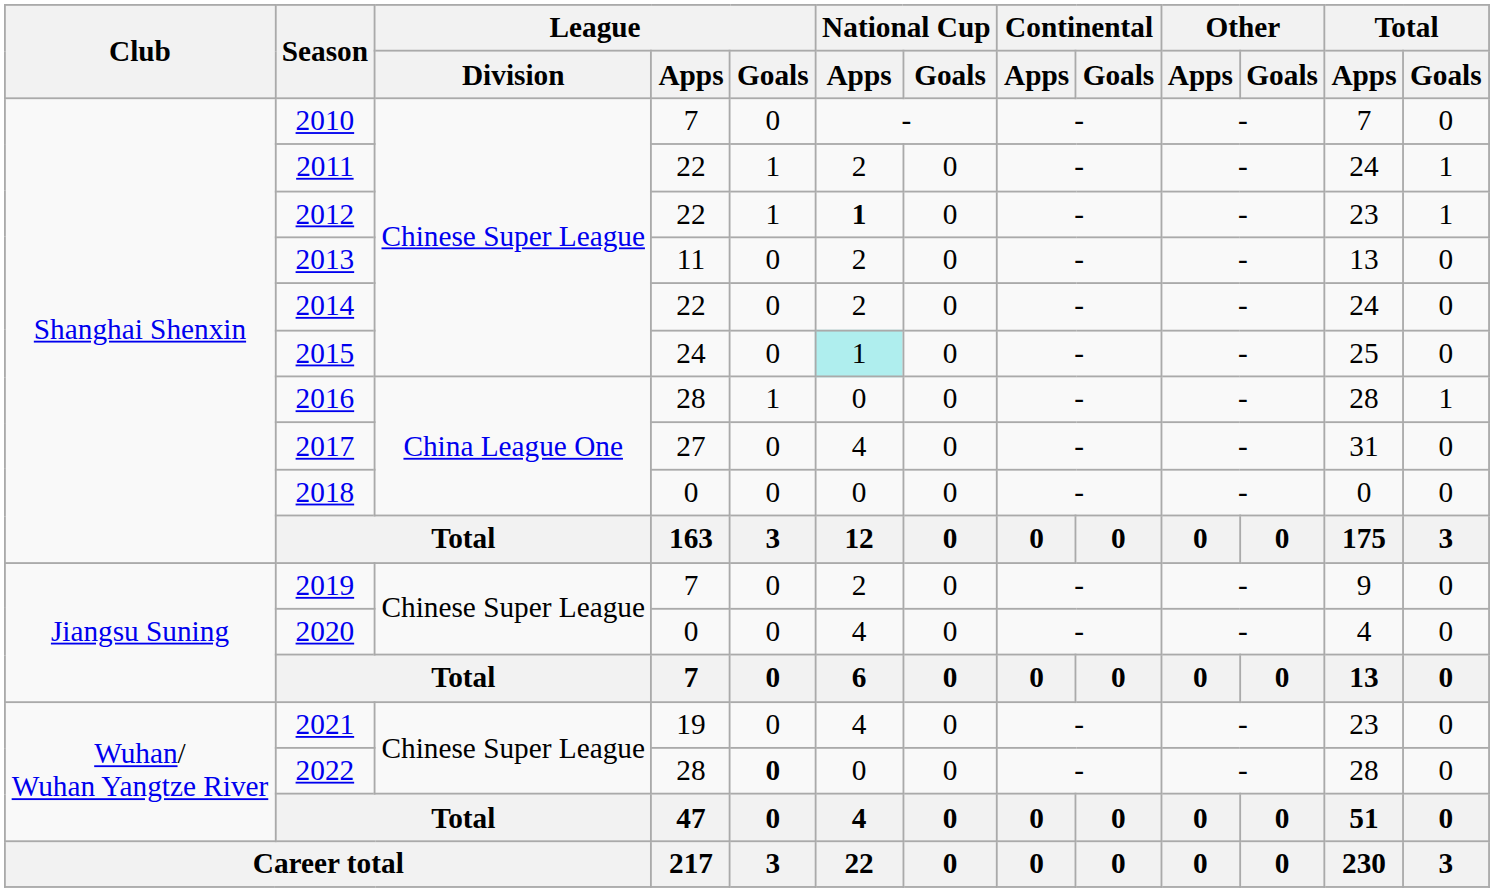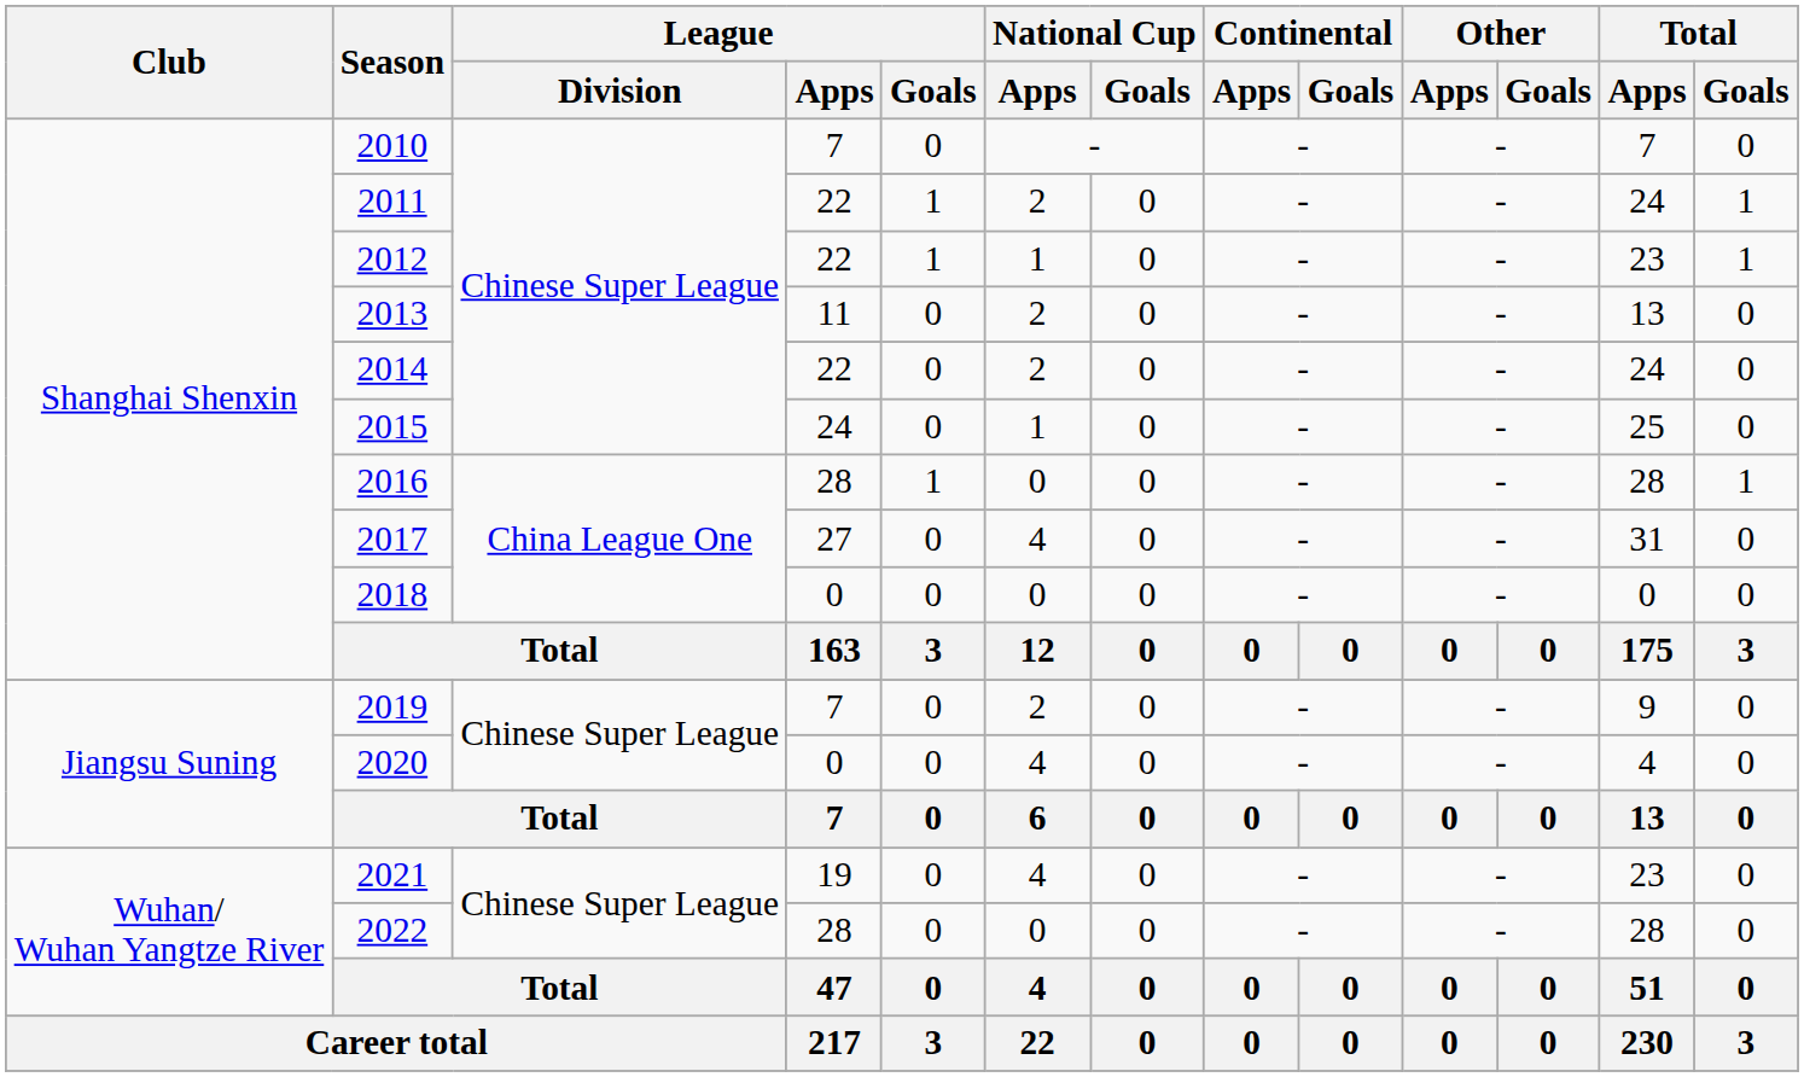 <table class="wikitable" style="text-align: center">
 <tr>
 <th rowspan="2">Club</th>
 <th rowspan="2">Season</th>
 <th colspan="3">League</th>
 <th colspan="2">National Cup</th>
 <th colspan="2">Continental</th>
 <th colspan="2">Other</th>
 <th colspan="2">Total</th>
 </tr>
 <tr>
 <th>Division</th>
 <th>Apps</th>
 <th>Goals</th>
 <th>Apps</th>
 <th>Goals</th>
 <th>Apps</th>
 <th>Goals</th>
 <th>Apps</th>
 <th>Goals</th>
 <th>Apps</th>
 <th>Goals</th>
 </tr>
 <tr>
 <td rowspan="10"><a href='#'>Shanghai Shenxin</a></td>
 <td><a href='#'>2010</a></td>
 <td rowspan="6"><a href='#'>Chinese Super League</a></td>
 <td>7</td>
 <td>0</td>
 <td colspan="2">-</td>
 <td colspan="2">-</td>
 <td colspan="2">-</td>
 <td>7</td>
 <td>0</td>
 </tr>
 <tr>
 <td><a href='#'>2011</a></td>
 <td>22</td>
 <td>1</td>
 <td>2</td>
 <td>0</td>
 <td colspan="2">-</td>
 <td colspan="2">-</td>
 <td>24</td>
 <td>1</td>
 </tr>
 <tr>
 <td><a href='#'>2012</a></td>
 <td>22</td>
 <td>1</td>
-<td><strong>1</strong></td>
+<td>1</td>
 <td>0</td>
 <td colspan="2">-</td>
 <td colspan="2">-</td>
 <td>23</td>
 <td>1</td>
 </tr>
 <tr>
 <td><a href='#'>2013</a></td>
 <td>11</td>
 <td>0</td>
 <td>2</td>
 <td>0</td>
 <td colspan="2">-</td>
 <td colspan="2">-</td>
 <td>13</td>
 <td>0</td>
 </tr>
 <tr>
 <td><a href='#'>2014</a></td>
 <td>22</td>
 <td>0</td>
 <td>2</td>
 <td>0</td>
 <td colspan="2">-</td>
 <td colspan="2">-</td>
 <td>24</td>
 <td>0</td>
 </tr>
 <tr>
 <td><a href='#'>2015</a></td>
 <td>24</td>
 <td>0</td>
-<td style="background: paleturquoise;">1</td>
+<td>1</td>
 <td>0</td>
 <td colspan="2">-</td>
 <td colspan="2">-</td>
 <td>25</td>
 <td>0</td>
 </tr>
 <tr>
 <td><a href='#'>2016</a></td>
 <td rowspan="3"><a href='#'>China League One</a></td>
 <td>28</td>
 <td>1</td>
 <td>0</td>
 <td>0</td>
 <td colspan="2">-</td>
 <td colspan="2">-</td>
 <td>28</td>
 <td>1</td>
 </tr>
 <tr>
 <td><a href='#'>2017</a></td>
 <td>27</td>
 <td>0</td>
 <td>4</td>
 <td>0</td>
 <td colspan="2">-</td>
 <td colspan="2">-</td>
 <td>31</td>
 <td>0</td>
 </tr>
 <tr>
 <td><a href='#'>2018</a></td>
 <td>0</td>
 <td>0</td>
 <td>0</td>
 <td>0</td>
 <td colspan="2">-</td>
 <td colspan="2">-</td>
 <td>0</td>
 <td>0</td>
 </tr>
 <tr>
 <th colspan="2"><strong>Total</strong></th>
 <th>163</th>
 <th>3</th>
 <th>12</th>
 <th>0</th>
 <th>0</th>
 <th>0</th>
 <th>0</th>
 <th>0</th>
 <th>175</th>
 <th>3</th>
 </tr>
 <tr>
 <td rowspan=3><a href='#'>Jiangsu Suning</a></td>
 <td><a href='#'>2019</a></td>
 <td rowspan=2>Chinese Super League</td>
 <td>7</td>
 <td>0</td>
 <td>2</td>
 <td>0</td>
 <td colspan="2">-</td>
 <td colspan="2">-</td>
 <td>9</td>
 <td>0</td>
 </tr>
 <tr>
 <td><a href='#'>2020</a></td>
 <td>0</td>
 <td>0</td>
 <td>4</td>
 <td>0</td>
 <td colspan="2">-</td>
 <td colspan="2">-</td>
 <td>4</td>
 <td>0</td>
 </tr>
 <tr>
 <th colspan="2"><strong>Total</strong></th>
 <th>7</th>
 <th>0</th>
 <th>6</th>
 <th>0</th>
 <th>0</th>
 <th>0</th>
 <th>0</th>
 <th>0</th>
 <th>13</th>
 <th>0</th>
 </tr>
 <tr>
 <td rowspan=3><a href='#'>Wuhan</a>/<br><a href='#'>Wuhan Yangtze River</a></td>
 <td><a href='#'>2021</a></td>
 <td rowspan=2>Chinese Super League</td>
 <td>19</td>
 <td>0</td>
 <td>4</td>
 <td>0</td>
 <td colspan="2">-</td>
 <td colspan="2">-</td>
 <td>23</td>
 <td>0</td>
 </tr>
 <tr>
 <td><a href='#'>2022</a></td>
 <td>28</td>
-<td><strong>0</strong></td>
+<td>0</td>
 <td>0</td>
 <td>0</td>
 <td colspan="2">-</td>
 <td colspan="2">-</td>
 <td>28</td>
 <td>0</td>
 </tr>
 <tr>
 <th colspan="2"><strong>Total</strong></th>
 <th>47</th>
 <th>0</th>
 <th>4</th>
 <th>0</th>
 <th>0</th>
 <th>0</th>
 <th>0</th>
 <th>0</th>
 <th>51</th>
 <th>0</th>
 </tr>
 <tr>
 <th colspan=3>Career total</th>
 <th>217</th>
 <th>3</th>
 <th>22</th>
 <th>0</th>
 <th>0</th>
 <th>0</th>
 <th>0</th>
 <th>0</th>
 <th>230</th>
 <th>3</th>
 </tr>
 </table>
